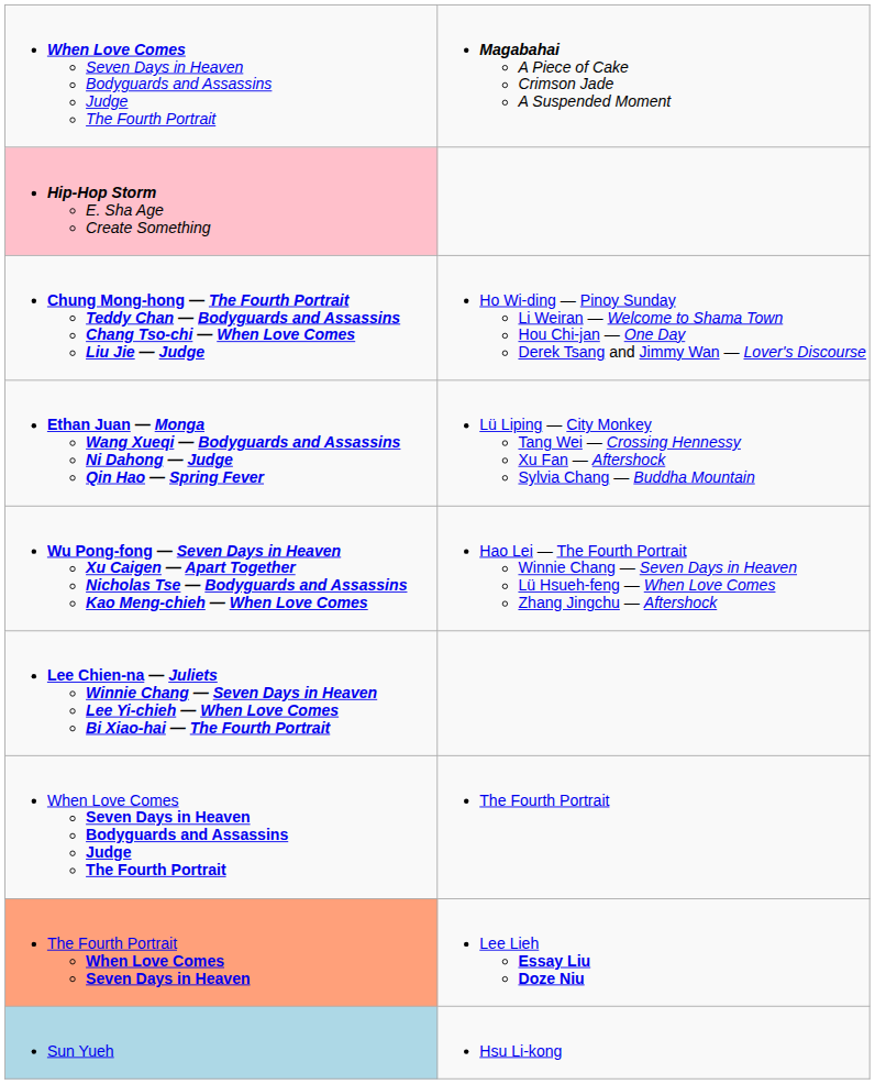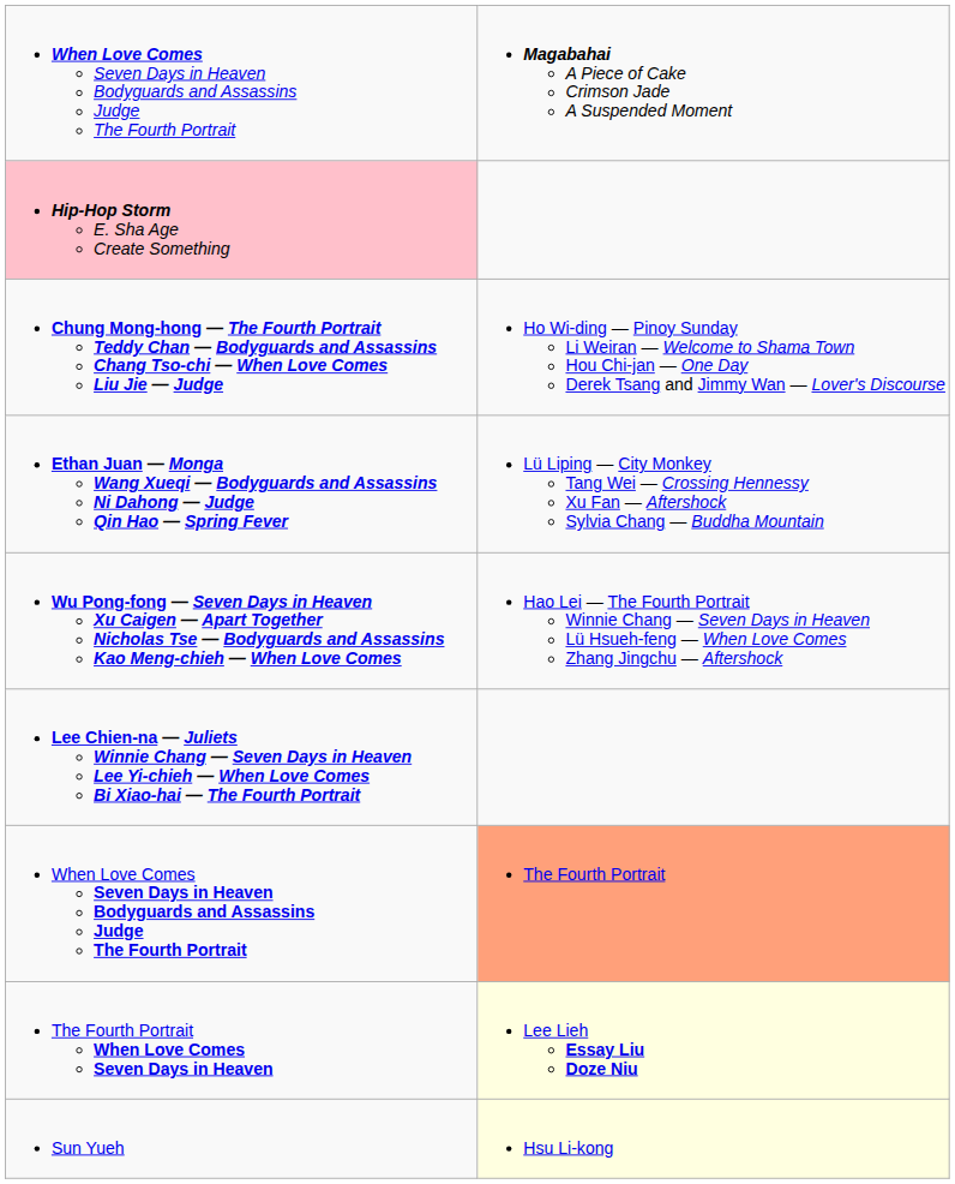 <table class=wikitable>
 <tr>
 <td valign="top" width="50%"><br><ul><li><strong><em><a href='#'>When Love Comes</a></em></strong><ul><li><em><a href='#'>Seven Days in Heaven</a></em></li><li><em><a href='#'>Bodyguards and Assassins</a></em></li><li><em><a href='#'>Judge</a></em></li><li><em><a href='#'>The Fourth Portrait</a></em></li></ul></li></ul></td>
 <td valign="top" width="50%"><br><ul><li><strong><em>Magabahai</em></strong><ul><li><em>A Piece of Cake</em></li><li><em>Crimson Jade</em></li><li><em>A Suspended Moment</em></li></ul></li></ul></td>
 </tr>
 <tr>
 <td valign="top" width="50%" style="background: pink;"><br><ul><li><strong><em>Hip-Hop Storm</em></strong><ul><li><em>E. Sha Age</em></li><li><em>Create Something</em></li></ul></li></ul></td>
 <td valign="top" width="50%"><br> </td>
 </tr>
 <tr>
 <td valign="top" width="50%"><br><ul><li><strong><a href='#'>Chung Mong-hong</a> — <em><a href='#'>The Fourth Portrait</a><strong><em><ul><li><a href='#'>Teddy Chan</a>  — </em><a href='#'>Bodyguards and Assassins</a><em></li><li><a href='#'>Chang Tso-chi</a> — </em><a href='#'>When Love Comes</a><em></li><li><a href='#'>Liu Jie</a> — </em><a href='#'>Judge</a><em></li></ul></li></ul></td>
 <td valign="top" width="50%"><br><ul><li></strong><a href='#'>Ho Wi-ding</a> — </em><a href='#'>Pinoy Sunday</a></em></strong><ul><li><a href='#'>Li Weiran</a> — <em><a href='#'>Welcome to Shama Town</a></em></li><li><a href='#'>Hou Chi-jan</a> — <em><a href='#'>One Day</a></em></li><li><a href='#'>Derek Tsang</a> and <a href='#'>Jimmy Wan</a> — <em><a href='#'>Lover's Discourse</a></em></li></ul></li></ul></td>
 </tr>
 <tr>
 <td valign="top" width="50%"><br><ul><li><strong><a href='#'>Ethan Juan</a> — <em><a href='#'>Monga</a><strong><em><ul><li><a href='#'>Wang Xueqi</a> — </em><a href='#'>Bodyguards and Assassins</a><em></li><li><a href='#'>Ni Dahong</a> — </em><a href='#'>Judge</a><em></li><li><a href='#'>Qin Hao</a> — </em><a href='#'>Spring Fever</a><em></li></ul></li></ul></td>
 <td valign="top" width="50%"><br><ul><li></strong><a href='#'>Lü Liping</a> — </em><a href='#'>City Monkey</a></em></strong><ul><li><a href='#'>Tang Wei</a> — <em><a href='#'>Crossing Hennessy</a></em></li><li><a href='#'>Xu Fan</a> — <em><a href='#'>Aftershock</a></em></li><li><a href='#'>Sylvia Chang</a> — <em><a href='#'>Buddha Mountain</a></em></li></ul></li></ul></td>
 </tr>
 <tr>
 <td valign="top" width="50%"><br><ul><li><strong><a href='#'>Wu Pong-fong</a> — <em><a href='#'>Seven Days in Heaven</a><strong><em><ul><li><a href='#'>Xu Caigen</a> — </em><a href='#'>Apart Together</a><em></li><li><a href='#'>Nicholas Tse</a> — </em><a href='#'>Bodyguards and Assassins</a><em></li><li><a href='#'>Kao Meng-chieh</a> — </em><a href='#'>When Love Comes</a><em></li></ul></li></ul></td>
 <td valign="top" width="50%"><br><ul><li></strong><a href='#'>Hao Lei</a> — </em><a href='#'>The Fourth Portrait</a></em></strong><ul><li><a href='#'>Winnie Chang</a> — <em><a href='#'>Seven Days in Heaven</a></em></li><li><a href='#'>Lü Hsueh-feng</a> — <em><a href='#'>When Love Comes</a></em></li><li><a href='#'>Zhang Jingchu</a> — <em><a href='#'>Aftershock</a></em></li></ul></li></ul></td>
 </tr>
 <tr>
 <td valign="top" width="50%"><br><ul><li><strong><a href='#'>Lee Chien-na</a> — <em><a href='#'>Juliets</a><strong><em><ul><li><a href='#'>Winnie Chang</a> — </em><a href='#'>Seven Days in Heaven</a><em></li><li><a href='#'>Lee Yi-chieh</a> — </em><a href='#'>When Love Comes</a><em></li><li><a href='#'>Bi Xiao-hai</a> — </em><a href='#'>The Fourth Portrait</a><em></li></ul></li></ul></td>
 </tr>
 <tr>
 <td valign="top" width="50%"><br><ul><li></em></strong><a href='#'>When Love Comes</a><strong><em><ul><li></em><a href='#'>Seven Days in Heaven</a><em></li><li></em><a href='#'>Bodyguards and Assassins</a><em></li><li></em><a href='#'>Judge</a><em></li><li></em><a href='#'>The Fourth Portrait</a><em></li></ul></li></ul></td>
-<td valign="top" width="50%"><br><ul><li></em></strong><a href='#'>The Fourth Portrait</a><strong><em></li></ul></td>
+<td valign="top" width="50%" style="background: lightsalmon;"><br><ul><li></em></strong><a href='#'>The Fourth Portrait</a><strong><em></li></ul></td>
 </tr>
 <tr>
-<td valign="top" width="50%" style="background: lightsalmon;"><br><ul><li></em></strong><a href='#'>The Fourth Portrait</a><strong><em><ul><li></em><a href='#'>When Love Comes</a><em></li><li></em><a href='#'>Seven Days in Heaven</a><em></li></ul></li></ul></td>
-<td valign="top" width="50%"><br><ul><li></strong><a href='#'>Lee Lieh</a><strong><ul><li><a href='#'>Essay Liu</a></li><li><a href='#'>Doze Niu</a></li></ul></li></ul></td>
+<td valign="top" width="50%"><br><ul><li></em></strong><a href='#'>The Fourth Portrait</a><strong><em><ul><li></em><a href='#'>When Love Comes</a><em></li><li></em><a href='#'>Seven Days in Heaven</a><em></li></ul></li></ul></td>
+<td valign="top" width="50%" style="background: lightyellow;"><br><ul><li></strong><a href='#'>Lee Lieh</a><strong><ul><li><a href='#'>Essay Liu</a></li><li><a href='#'>Doze Niu</a></li></ul></li></ul></td>
 </tr>
 <tr>
-<td valign="top" width="50%" style="background: lightblue;"><br><ul><li></strong><a href='#'>Sun Yueh</a><strong></li></ul></td>
-<td valign="top" width="50%"><br><ul><li></strong><a href='#'>Hsu Li-kong</a><strong></li></ul></td>
+<td valign="top" width="50%"><br><ul><li></strong><a href='#'>Sun Yueh</a><strong></li></ul></td>
+<td valign="top" width="50%" style="background: lightyellow;"><br><ul><li></strong><a href='#'>Hsu Li-kong</a><strong></li></ul></td>
 </tr>
 </table>
